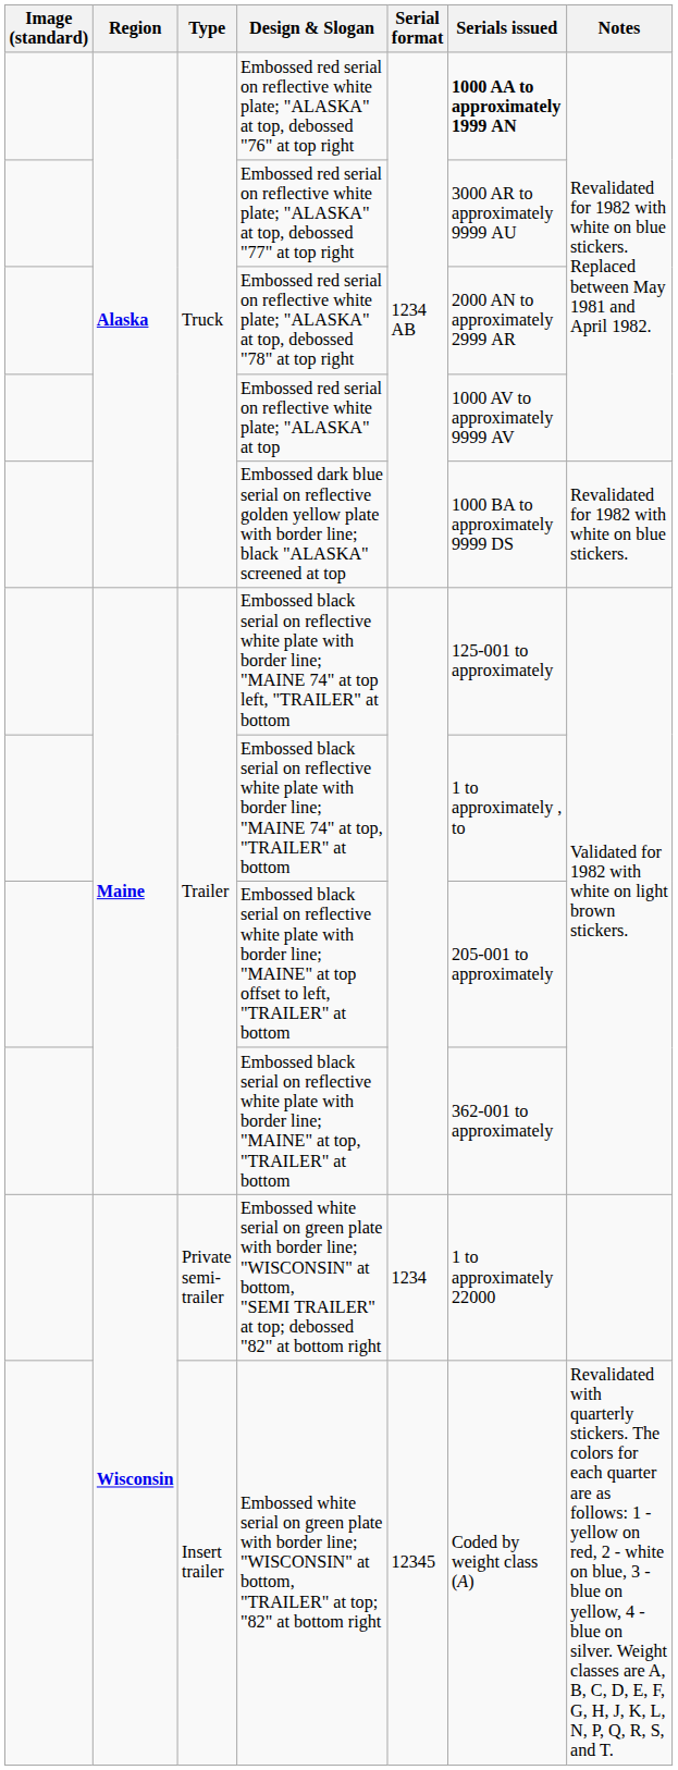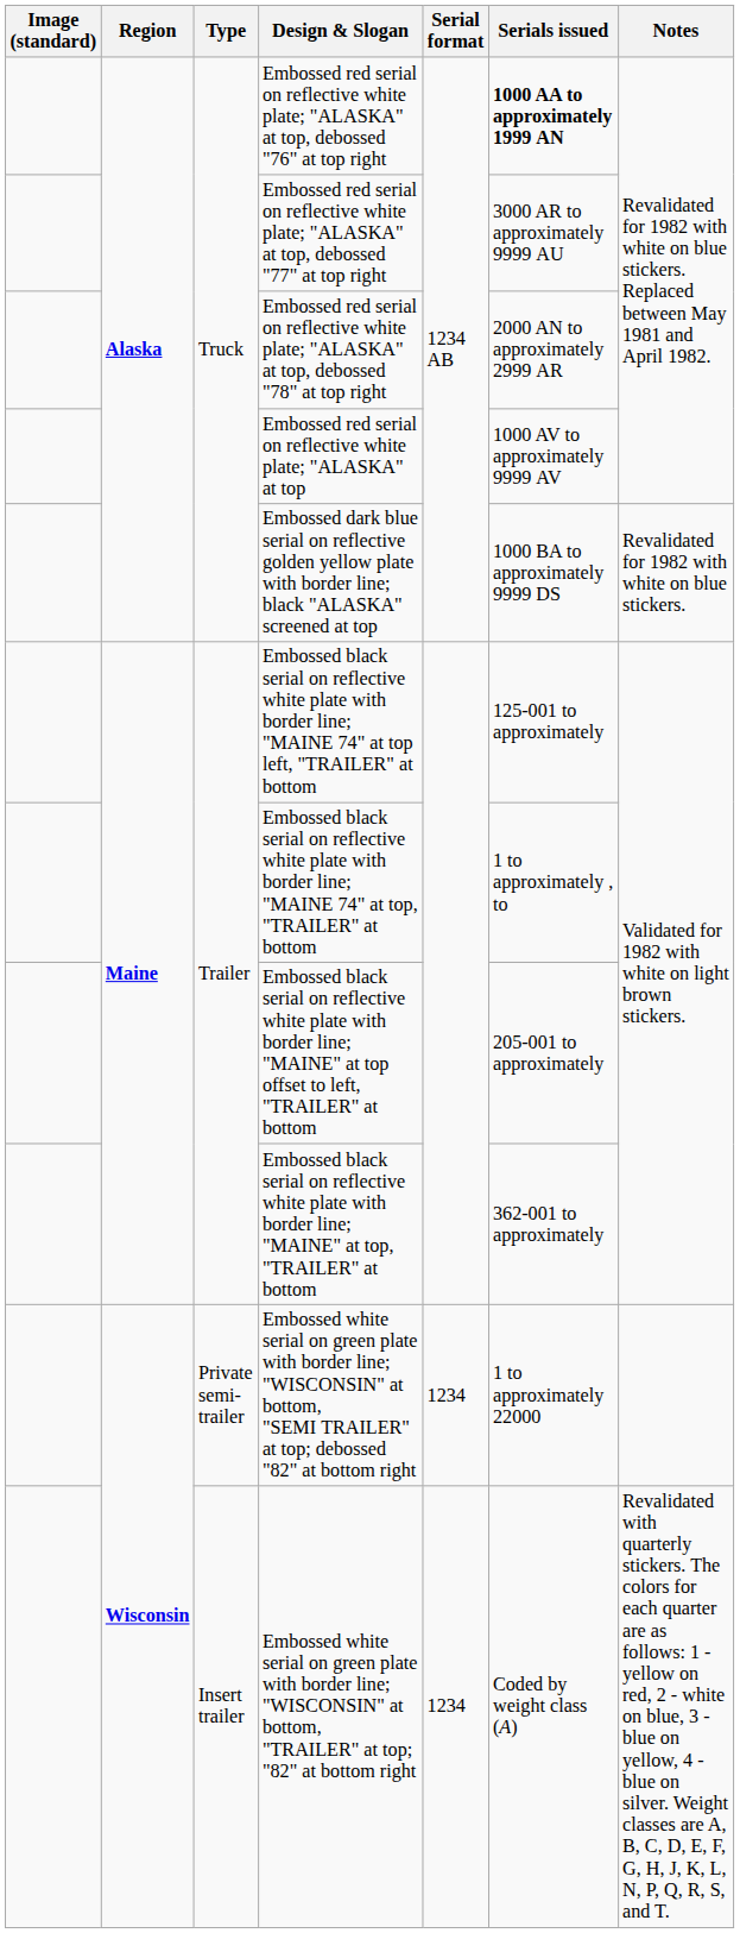 <table class="wikitable">
 <tr>
 <th>Image (standard)</th>
 <th>Region</th>
 <th>Type</th>
 <th>Design & Slogan</th>
 <th>Serial format</th>
 <th>Serials issued</th>
 <th>Notes</th>
 </tr>
 <tr>
 <td></td>
 <td rowspan="5"><a href='#'><strong>Alaska</strong></a></td>
 <td rowspan="5">Truck</td>
 <td>Embossed red serial on reflective white plate; "ALASKA" at top, debossed "76" at top right</td>
 <td rowspan="5">1234 AB</td>
 <td><strong>1000 AA to approximately 1999 AN</strong></td>
 <td rowspan="4">Revalidated for 1982 with white on blue stickers. Replaced between May 1981 and April 1982.</td>
 </tr>
 <tr>
 <td></td>
 <td>Embossed red serial on reflective white plate; "ALASKA" at top, debossed "77" at top right</td>
 <td>3000 AR to approximately 9999 AU</td>
 </tr>
 <tr>
 <td></td>
 <td>Embossed red serial on reflective white plate; "ALASKA" at top, debossed "78" at top right</td>
 <td>2000 AN to approximately 2999 AR</td>
 </tr>
 <tr>
 <td></td>
 <td>Embossed red serial on reflective white plate; "ALASKA" at top</td>
 <td>1000 AV to approximately 9999 AV</td>
 </tr>
 <tr>
 <td></td>
 <td>Embossed dark blue serial on reflective golden yellow plate with border line; black "ALASKA" screened at top</td>
 <td>1000 BA to approximately 9999 DS</td>
 <td>Revalidated for 1982 with white on blue stickers.</td>
 </tr>
 <tr>
 <td></td>
 <td rowspan="4"><a href='#'><strong>Maine</strong></a></td>
 <td rowspan="4">Trailer</td>
 <td>Embossed black serial on reflective white plate with border line; "MAINE 74" at top left, "TRAILER" at bottom</td>
 <td rowspan="4"></td>
 <td>125-001 to approximately </td>
 <td rowspan="4">Validated for 1982 with white on light brown stickers.</td>
 </tr>
 <tr>
 <td></td>
 <td>Embossed black serial on reflective white plate with border line; "MAINE 74" at top, "TRAILER" at bottom</td>
 <td>1 to approximately ,  to </td>
 </tr>
 <tr>
 <td></td>
 <td>Embossed black serial on reflective white plate with border line; "MAINE" at top offset to left, "TRAILER" at bottom</td>
 <td>205-001 to approximately </td>
 </tr>
 <tr>
 <td></td>
 <td>Embossed black serial on reflective white plate with border line; "MAINE" at top, "TRAILER" at bottom</td>
 <td>362-001 to approximately </td>
 </tr>
 <tr>
 <td></td>
 <td rowspan="2"><a href='#'><strong>Wisconsin</strong></a></td>
 <td>Private semi-trailer</td>
 <td>Embossed white serial on green plate with border line; "WISCONSIN" at bottom, "SEMI TRAILER" at top; debossed "82" at bottom right</td>
 <td>1234</td>
 <td> 1 to approximately 22000</td>
 <td></td>
 </tr>
 <tr>
 <td></td>
 <td>Insert trailer</td>
 <td>Embossed white serial on green plate with border line; "WISCONSIN" at bottom, "TRAILER" at top; "82" at bottom right</td>
-<td>12345</td>
+<td>1234</td>
 <td>Coded by weight class (<em>A</em>)</td>
 <td>Revalidated with quarterly stickers. The colors for each quarter are as follows: 1 - yellow on red, 2 - white on blue, 3 - blue on yellow, 4 - blue on silver. Weight classes are A, B, C, D, E, F, G, H, J, K, L, N, P, Q, R, S, and T.</td>
 </tr>
 </table>
